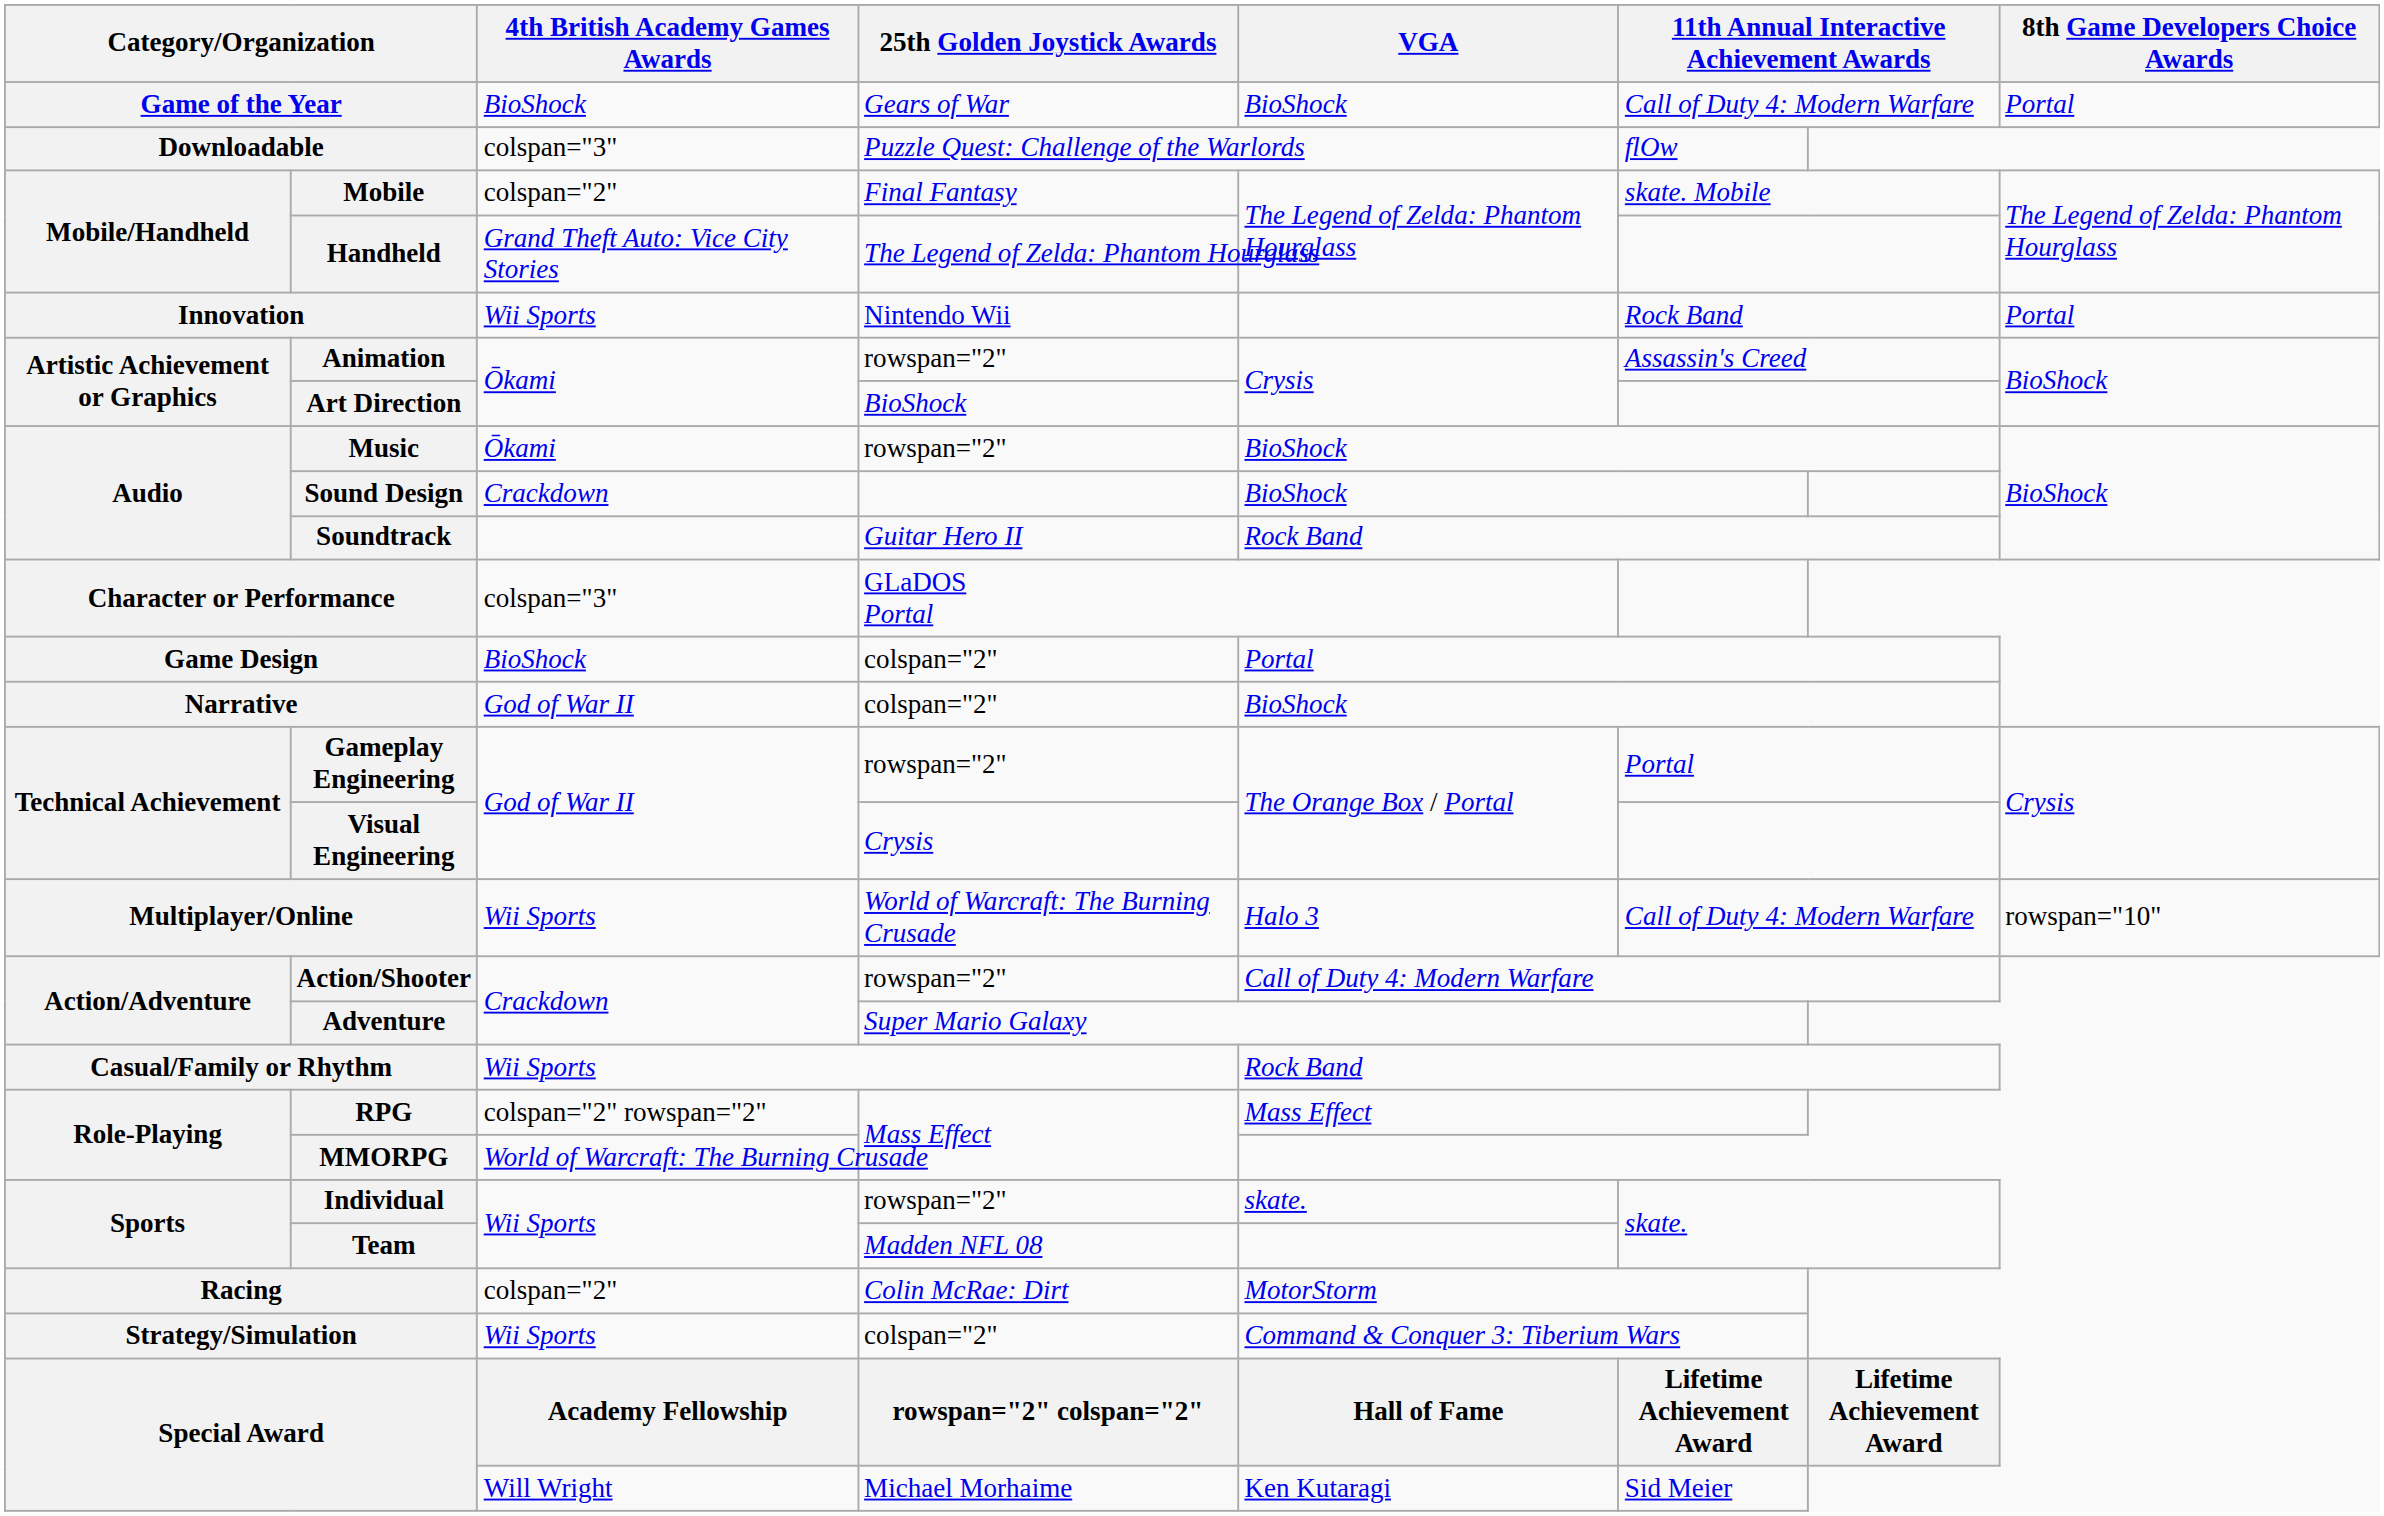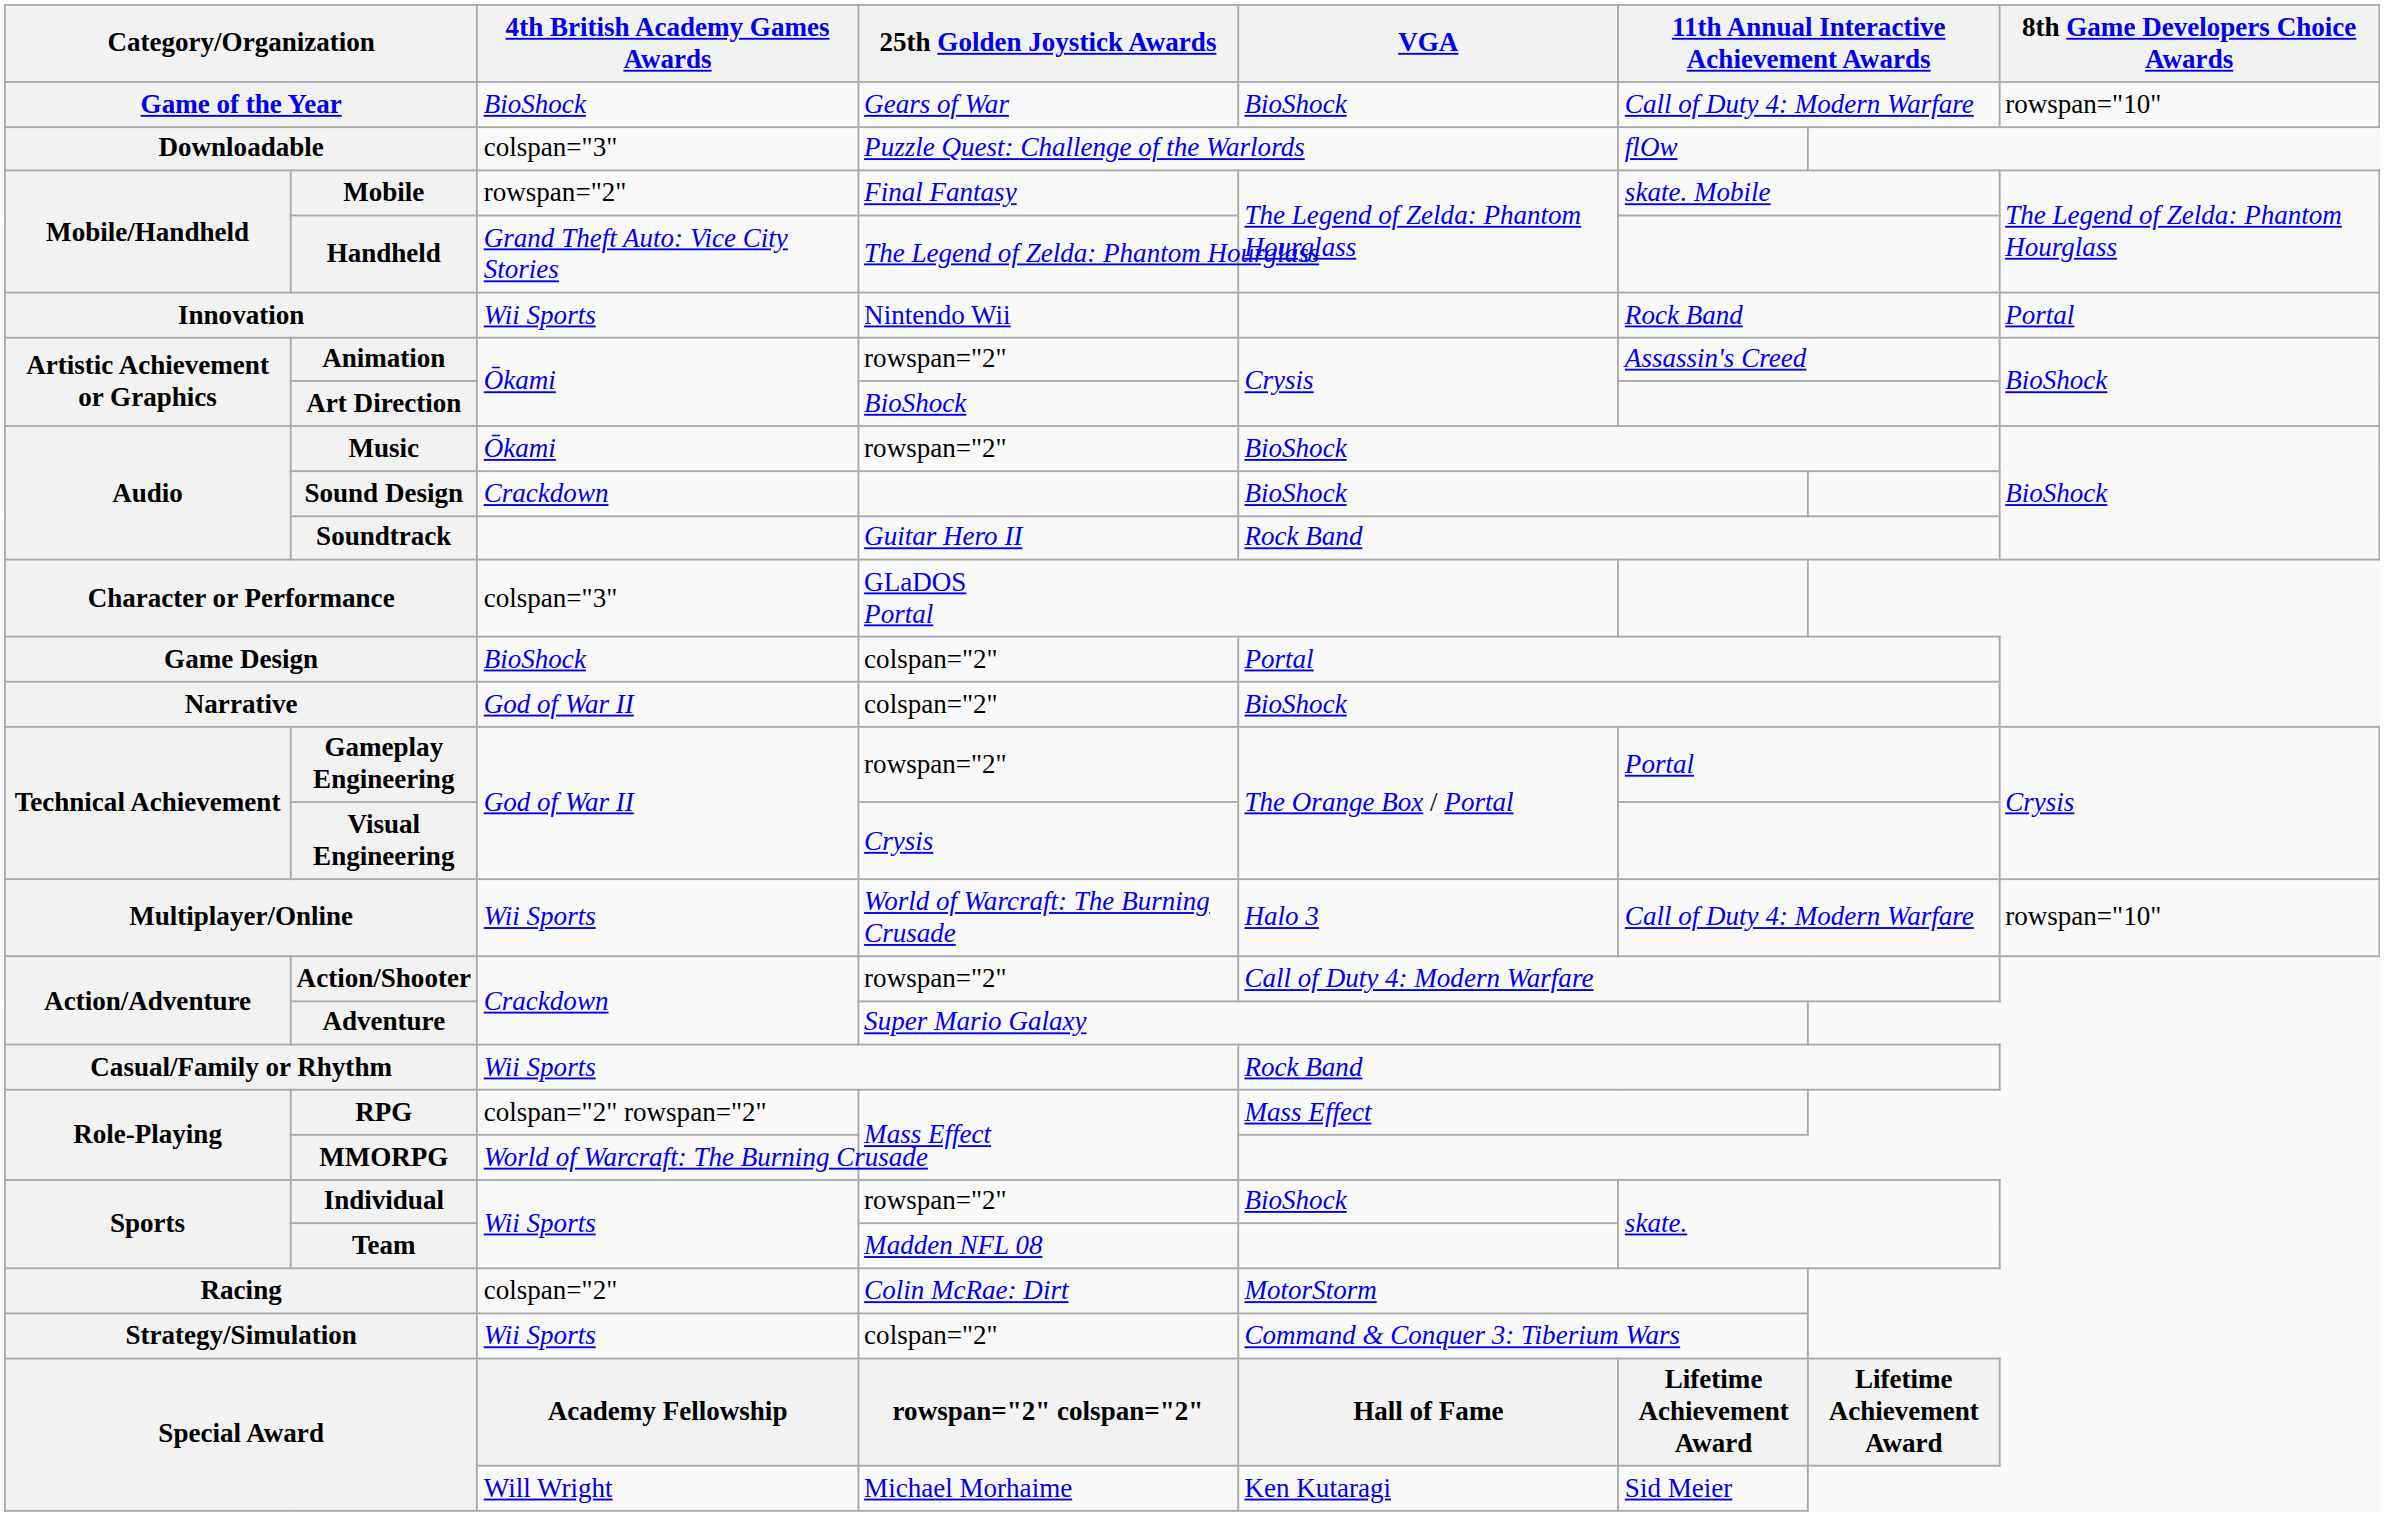 <table class="wikitable" style="border:none; margin:0; width:100%; font-size: 90%;">
 <tr>
 <th style="width:17%;" colspan="2">Category/Organization</th>
 <th style="width:16%;"><a href='#'>4th British Academy Games Awards</a><br></th>
 <th style="width:16%;">25th <a href='#'>Golden Joystick Awards</a><br></th>
 <th style="width:16%;"><a href='#'>VGA</a><br></th>
 <th style="width:16%;" colspan="2"><a href='#'>11th Annual Interactive Achievement Awards</a><br></th>
 <th style="width:16%;">8th <a href='#'>Game Developers Choice Awards</a><br></th>
 </tr>
 <tr>
 <th scope="row" colspan="2"><a href='#'>Game of the Year</a></th>
 <td><em><a href='#'>BioShock</a></em></td>
 <td><em><a href='#'>Gears of War</a></em></td>
 <td><em><a href='#'>BioShock</a></em></td>
 <td colspan="2"><em><a href='#'>Call of Duty 4: Modern Warfare</a></em></td>
-<td><em><a href='#'>Portal</a></em></td>
+<td>rowspan="10" </td>
 </tr>
 <tr>
 <th scope="row" colspan="2" style="width:9%;">Downloadable</th>
 <td>colspan="3" </td>
 <td colspan="2"><em><a href='#'>Puzzle Quest: Challenge of the Warlords</a></em></td>
 <td><em><a href='#'>flOw</a></em></td>
 </tr>
 <tr>
 <th scope="row" rowspan="2" style="width:12%;">Mobile/Handheld</th>
 <th>Mobile</th>
-<td>colspan="2" </td>
+<td>rowspan="2" </td>
 <td><em><a href='#'>Final Fantasy</a></em></td>
 <td rowspan="2"><em><a href='#'>The Legend of Zelda: Phantom Hourglass</a></em></td>
 <td colspan="2"><em><a href='#'>skate. Mobile</a></em></td>
 <td rowspan="2"><em><a href='#'>The Legend of Zelda: Phantom Hourglass</a></em></td>
 </tr>
 <tr>
 <th scope="row">Handheld</th>
 <td><em><a href='#'>Grand Theft Auto: Vice City Stories</a></em></td>
 <td colspan="2"><em><a href='#'>The Legend of Zelda: Phantom Hourglass</a></em></td>
 </tr>
 <tr>
 <th scope="row" style="width:12%;" colspan="2">Innovation</th>
 <td><em><a href='#'>Wii Sports</a></em></td>
 <td><a href='#'>Nintendo Wii</a></td>
 <td></td>
 <td colspan="2"><em><a href='#'>Rock Band</a></em></td>
 <td><em><a href='#'>Portal</a></em></td>
 </tr>
 <tr>
 <th scope="row" rowspan="2" style="width:9%;">Artistic Achievement<br>or Graphics</th>
 <th>Animation</th>
 <td rowspan="2"><em><a href='#'>Ōkami</a></em></td>
 <td>rowspan="2" </td>
 <td rowspan="2"><em><a href='#'>Crysis</a></em></td>
 <td colspan="2"><em><a href='#'>Assassin's Creed</a></em></td>
 <td rowspan="2"><em><a href='#'>BioShock</a></em></td>
 </tr>
 <tr>
 <th scope="row">Art Direction</th>
 <td colspan="2"><em><a href='#'>BioShock</a></em></td>
 </tr>
 <tr>
 <th scope="row" rowspan="3" style="width:12%;">Audio</th>
 <th>Music</th>
 <td><em><a href='#'>Ōkami</a></em></td>
 <td>rowspan="2" </td>
 <td colspan="3"><em><a href='#'>BioShock</a></em></td>
 <td rowspan="3"><em><a href='#'>BioShock</a></em></td>
 </tr>
 <tr>
 <th scope="row">Sound Design</th>
 <td><em><a href='#'>Crackdown</a></em></td>
 <td></td>
 <td colspan="2"><em><a href='#'>BioShock</a></em></td>
 </tr>
 <tr>
 <th scope="row">Soundtrack</th>
 <td></td>
 <td><em><a href='#'>Guitar Hero II</a></em></td>
 <td colspan="3"><em><a href='#'>Rock Band</a></em></td>
 </tr>
 <tr>
 <th scope="row" colspan="2">Character or Performance</th>
 <td>colspan="3" </td>
 <td colspan="2"><a href='#'>GLaDOS</a><br><em><a href='#'>Portal</a></em></td>
 <td></td>
 </tr>
 <tr>
 <th scope="row" colspan="2">Game Design</th>
 <td><em><a href='#'>BioShock</a></em></td>
 <td>colspan="2" </td>
 <td colspan="3"><em><a href='#'>Portal</a></em></td>
 </tr>
 <tr>
 <th scope="row" colspan="2">Narrative</th>
 <td><em><a href='#'>God of War II</a></em></td>
 <td>colspan="2" </td>
 <td colspan="3"><em><a href='#'>BioShock</a></em></td>
 </tr>
 <tr>
 <th scope="row" rowspan="2">Technical Achievement</th>
 <th>Gameplay Engineering</th>
 <td rowspan="2"><em><a href='#'>God of War II</a></em></td>
 <td>rowspan="2" </td>
 <td rowspan="2"><em><a href='#'>The Orange Box</a></em> / <em><a href='#'>Portal</a></em></td>
 <td colspan="2"><em><a href='#'>Portal</a></em></td>
 <td rowspan="2"><em><a href='#'>Crysis</a></em></td>
 </tr>
 <tr>
 <th scope="row">Visual Engineering</th>
 <td colspan="2"><em><a href='#'>Crysis</a></em></td>
 </tr>
 <tr>
 <th scope="row" colspan="2">Multiplayer/Online</th>
 <td><em><a href='#'>Wii Sports</a></em></td>
 <td><em><a href='#'>World of Warcraft: The Burning Crusade</a></em></td>
 <td><em><a href='#'>Halo 3</a></em></td>
 <td colspan="2"><em><a href='#'>Call of Duty 4: Modern Warfare</a></em></td>
 <td>rowspan="10" </td>
 </tr>
 <tr>
 <th scope="row" rowspan="2">Action/Adventure</th>
 <th>Action/Shooter</th>
 <td rowspan="2"><em><a href='#'>Crackdown</a></em></td>
 <td>rowspan="2" </td>
 <td colspan="3"><em><a href='#'>Call of Duty 4: Modern Warfare</a></em></td>
 </tr>
 <tr>
 <th scope="row">Adventure</th>
 <td colspan="3"><em><a href='#'>Super Mario Galaxy</a></em></td>
 </tr>
 <tr>
 <th scope="row" colspan="2">Casual/Family or Rhythm</th>
 <td colspan="2"><em><a href='#'>Wii Sports</a></em></td>
 <td colspan="3"><em><a href='#'>Rock Band</a></em></td>
 </tr>
 <tr>
 <th scope="row" rowspan="2">Role-Playing</th>
 <th>RPG</th>
 <td>colspan="2" rowspan="2" </td>
 <td rowspan="2"><em><a href='#'>Mass Effect</a></em></td>
 <td colspan="2"><em><a href='#'>Mass Effect</a></em></td>
 </tr>
 <tr>
 <th scope="row">MMORPG</th>
 <td colspan="2"><em><a href='#'>World of Warcraft: The Burning Crusade</a></em></td>
 </tr>
 <tr>
 <th scope="row" rowspan="2">Sports</th>
 <th>Individual</th>
 <td rowspan="2"><em><a href='#'>Wii Sports</a></em></td>
 <td>rowspan="2" </td>
-<td><em><a href='#'>skate.</a></em></td>
+<td><em><a href='#'>BioShock</a></em></td>
 <td rowspan="2" colspan="2"><em><a href='#'>skate.</a></em></td>
 </tr>
 <tr>
 <th scope="row">Team</th>
 <td><em><a href='#'>Madden NFL 08</a></em></td>
 </tr>
 <tr>
 <th scope="row" colspan="2">Racing</th>
 <td>colspan="2" </td>
 <td><em><a href='#'>Colin McRae: Dirt</a></em></td>
 <td colspan="2"><em><a href='#'>MotorStorm</a></em></td>
 </tr>
 <tr>
 <th scope="row" colspan="2">Strategy/Simulation</th>
 <td><em><a href='#'>Wii Sports</a></em></td>
 <td>colspan="2" </td>
 <td colspan="2"><em><a href='#'>Command & Conquer 3: Tiberium Wars</a></em></td>
 </tr>
 <tr>
 <th scope="row" colspan="2" rowspan="2">Special Award</th>
 <th>Academy Fellowship</th>
 <th>rowspan="2" colspan="2" </th>
 <th>Hall of Fame</th>
 <th>Lifetime Achievement Award</th>
 <th>Lifetime Achievement Award</th>
 </tr>
 <tr>
 <td><a href='#'>Will Wright</a></td>
 <td><a href='#'>Michael Morhaime</a></td>
 <td><a href='#'>Ken Kutaragi</a></td>
 <td><a href='#'>Sid Meier</a></td>
 </tr>
 </table>
